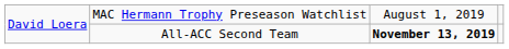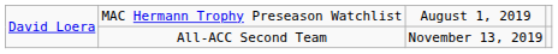 <table class="wikitable sortable" style="text-align: center">
 <tr>
 <td rowspan=2><a href='#'>David Loera</a></td>
 <td>MAC <a href='#'>Hermann Trophy</a> Preseason Watchlist</td>
 <td>August 1, 2019</td>
 <td></td>
 </tr>
 <tr>
 <td>All-ACC Second Team</td>
-<td><strong>November 13, 2019</strong></td>
+<td>November 13, 2019</td>
 <td></td>
 </tr>
 </table>
